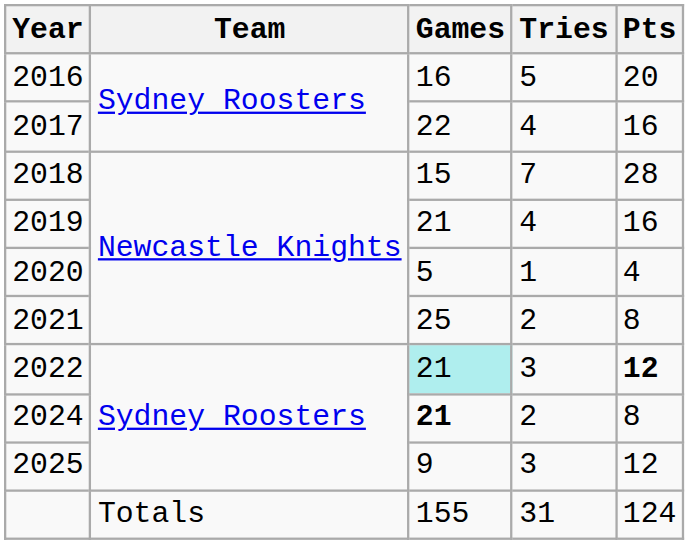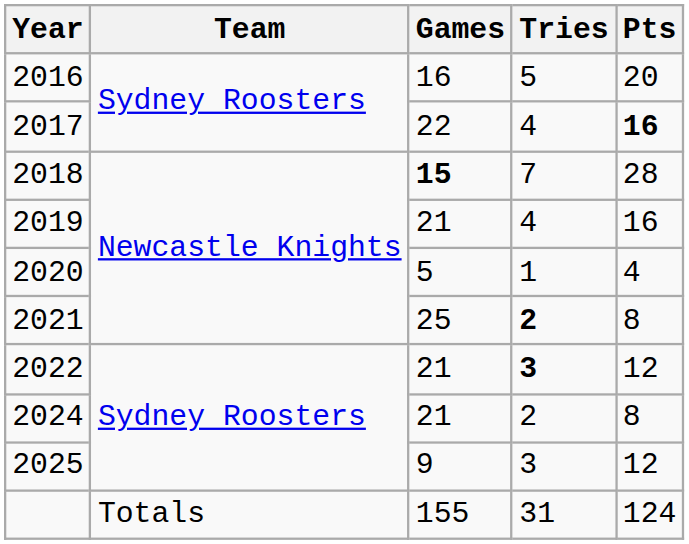 <table class="wikitable">
 <tr>
 <th>Year</th>
 <th>Team</th>
 <th>Games</th>
 <th>Tries</th>
 <th>Pts</th>
 </tr>
 <tr>
 <td>2016</td>
 <td rowspan="2"> <a href='#'>Sydney Roosters</a></td>
 <td>16</td>
 <td>5</td>
 <td>20</td>
 </tr>
 <tr>
 <td>2017</td>
 <td>22</td>
 <td>4</td>
-<td>16</td>
+<td><strong>16</strong></td>
 </tr>
 <tr>
 <td>2018</td>
 <td rowspan="4"> <a href='#'>Newcastle Knights</a></td>
-<td>15</td>
+<td><strong>15</strong></td>
 <td>7</td>
 <td>28</td>
 </tr>
 <tr>
 <td>2019</td>
 <td>21</td>
 <td>4</td>
 <td>16</td>
 </tr>
 <tr>
 <td>2020</td>
 <td>5</td>
 <td>1</td>
 <td>4</td>
 </tr>
 <tr>
 <td>2021</td>
 <td>25</td>
-<td>2</td>
+<td><strong>2</strong></td>
 <td>8</td>
 </tr>
 <tr>
 <td>2022</td>
 <td rowspan="3"> <a href='#'>Sydney Roosters</a></td>
-<td style="background: paleturquoise;">21</td>
-<td>3</td>
-<td><strong>12</strong></td>
+<td>21</td>
+<td><strong>3</strong></td>
+<td>12</td>
 </tr>
 <tr>
 <td>2024</td>
-<td><strong>21</strong></td>
+<td>21</td>
 <td>2</td>
 <td>8</td>
 </tr>
 <tr>
 <td>2025</td>
 <td>9</td>
 <td>3</td>
 <td>12</td>
 </tr>
 <tr>
 <td></td>
 <td>Totals</td>
 <td>155</td>
 <td>31</td>
 <td>124</td>
 </tr>
 </table>
